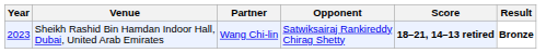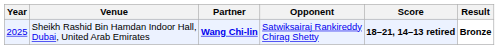 <table class="sortable wikitable" style="font-size: 90%">
 <tr>
 <th>Year</th>
 <th>Venue</th>
 <th>Partner</th>
 <th>Opponent</th>
 <th>Score</th>
 <th>Result</th>
 </tr>
 <tr style="background:#ECF2FF">
-<td align="center"><a href='#'>2023</a></td>
+<td align="center"><a href='#'>2025</a></td>
 <td align="left">Sheikh Rashid Bin Hamdan Indoor Hall,<br><a href='#'>Dubai</a>, United Arab Emirates</td>
-<td align="left"> <a href='#'>Wang Chi-lin</a></td>
+<td align="left"><strong> <a href='#'>Wang Chi-lin</a></strong></td>
 <td align="left"> <a href='#'>Satwiksairaj Rankireddy</a><br> <a href='#'>Chirag Shetty</a></td>
 <td align="left"><strong>18–21, 14–13 retired</strong></td>
 <td style="text-align:left; background:white"> <strong>Bronze</strong></td>
 </tr>
 </table>
